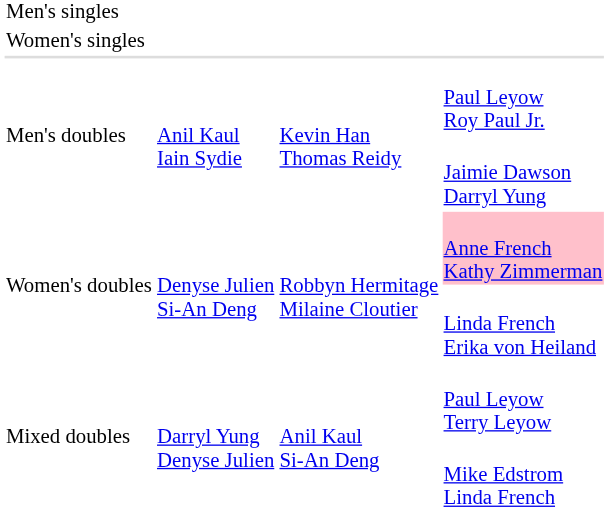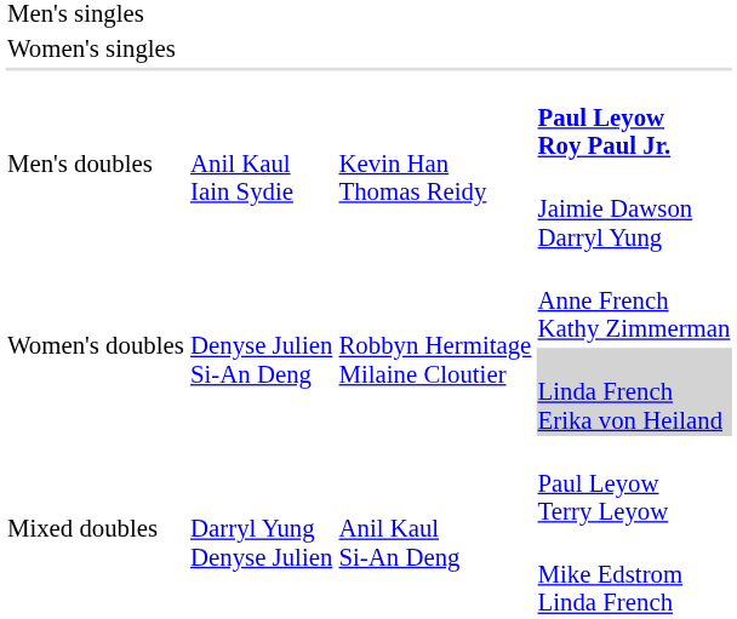 <table>
 <tr>
 <td rowspan=2>Men's singles <br></td>
 <td rowspan=2></td>
 <td rowspan=2></td>
 <td></td>
 </tr>
 <tr>
 <td></td>
 </tr>
 <tr>
 <td rowspan=2>Women's singles <br></td>
 <td rowspan=2></td>
 <td rowspan=2></td>
 <td></td>
 </tr>
 <tr>
 <td></td>
 </tr>
 <tr bgcolor=#DDDDDD>
 <td colspan=7></td>
 </tr>
 <tr>
 <td rowspan=2>Men's doubles <br></td>
 <td rowspan=2><br><a href='#'>Anil Kaul</a><br><a href='#'>Iain Sydie</a></td>
 <td rowspan=2><br><a href='#'>Kevin Han</a><br><a href='#'>Thomas Reidy</a></td>
-<td><br><a href='#'>Paul Leyow</a><br><a href='#'>Roy Paul Jr.</a></td>
+<td><strong><br><a href='#'>Paul Leyow</a><br><a href='#'>Roy Paul Jr.</a></strong></td>
 </tr>
 <tr>
 <td><br><a href='#'>Jaimie Dawson</a><br><a href='#'>Darryl Yung</a></td>
 </tr>
 <tr>
 <td rowspan=2>Women's doubles <br></td>
 <td rowspan=2><br><a href='#'>Denyse Julien</a><br><a href='#'>Si-An Deng</a></td>
 <td rowspan=2><br><a href='#'>Robbyn Hermitage</a><br><a href='#'>Milaine Cloutier</a></td>
-<td style="background: pink;"><br><a href='#'>Anne French</a><br><a href='#'>Kathy Zimmerman</a></td>
+<td><br><a href='#'>Anne French</a><br><a href='#'>Kathy Zimmerman</a></td>
 </tr>
 <tr>
-<td><br><a href='#'>Linda French</a><br><a href='#'>Erika von Heiland</a></td>
+<td style="background: lightgrey;"><br><a href='#'>Linda French</a><br><a href='#'>Erika von Heiland</a></td>
 </tr>
 <tr>
 <td rowspan=2>Mixed doubles <br></td>
 <td rowspan=2><br><a href='#'>Darryl Yung</a><br><a href='#'>Denyse Julien</a></td>
 <td rowspan=2><br><a href='#'>Anil Kaul</a><br><a href='#'>Si-An Deng</a></td>
 <td><br><a href='#'>Paul Leyow</a><br><a href='#'>Terry Leyow</a></td>
 </tr>
 <tr>
 <td><br><a href='#'>Mike Edstrom</a><br><a href='#'>Linda French</a></td>
 </tr>
 </table>
